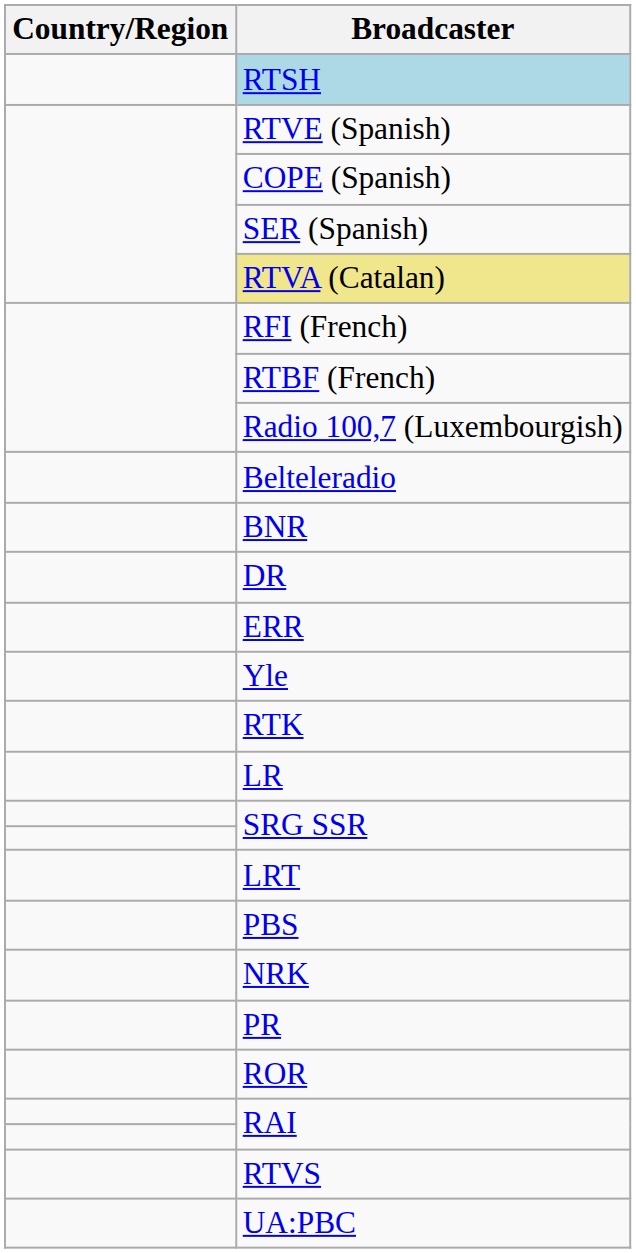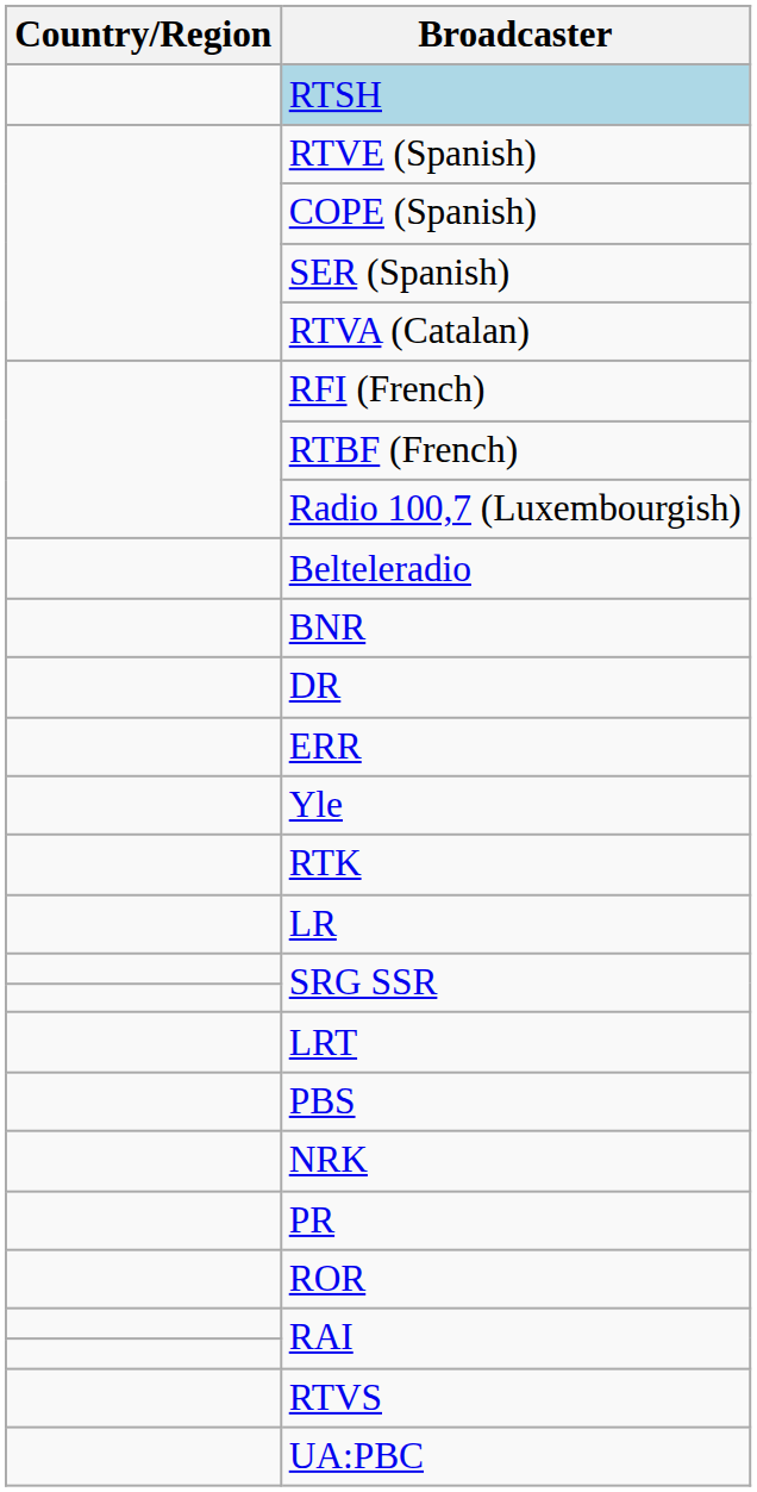 <table class="wikitable">
 <tr>
 <th>Country/Region</th>
 <th>Broadcaster</th>
 </tr>
 <tr>
 <td></td>
 <td style="background: lightblue;"><a href='#'>RTSH</a></td>
 </tr>
 <tr>
 <td rowspan="5"></td>
 <td><a href='#'>RTVE</a> (Spanish)</td>
 </tr>
 <tr>
 <td><a href='#'>COPE</a> (Spanish)</td>
 </tr>
 <tr>
 <td><a href='#'>SER</a> (Spanish)</td>
 </tr>
 <tr>
-<td style="background: khaki;"><a href='#'>RTVA</a> (Catalan)</td>
+<td><a href='#'>RTVA</a> (Catalan)</td>
 </tr>
 <tr>
 <td rowspan="2"><a href='#'>RFI</a> (French)</td>
 </tr>
 <tr>
 <td rowspan="3"></td>
 </tr>
 <tr>
 <td><a href='#'>RTBF</a> (French)</td>
 </tr>
 <tr>
 <td><a href='#'>Radio 100,7</a> (Luxembourgish)</td>
 </tr>
 <tr>
 <td></td>
 <td><a href='#'>Belteleradio</a></td>
 </tr>
 <tr>
 <td></td>
 <td><a href='#'>BNR</a></td>
 </tr>
 <tr>
 <td></td>
 <td><a href='#'>DR</a></td>
 </tr>
 <tr>
 <td></td>
 <td><a href='#'>ERR</a></td>
 </tr>
 <tr>
 <td></td>
 <td><a href='#'>Yle</a></td>
 </tr>
 <tr>
 <td></td>
 <td><a href='#'>RTK</a></td>
 </tr>
 <tr>
 <td></td>
 <td><a href='#'>LR</a></td>
 </tr>
 <tr>
 <td></td>
 <td rowspan="2"><a href='#'>SRG SSR</a></td>
 </tr>
 <tr>
 <td></td>
 </tr>
 <tr>
 <td></td>
 <td><a href='#'>LRT</a></td>
 </tr>
 <tr>
 <td></td>
 <td><a href='#'>PBS</a></td>
 </tr>
 <tr>
 <td></td>
 <td><a href='#'>NRK</a></td>
 </tr>
 <tr>
 <td></td>
 <td><a href='#'>PR</a></td>
 </tr>
 <tr>
 <td></td>
 <td><a href='#'>ROR</a></td>
 </tr>
 <tr>
 <td></td>
 <td rowspan="2"><a href='#'>RAI</a></td>
 </tr>
 <tr>
 <td></td>
 </tr>
 <tr>
 <td></td>
 <td><a href='#'>RTVS</a></td>
 </tr>
 <tr>
 <td></td>
 <td><a href='#'>UA:PBC</a></td>
 </tr>
 </table>
